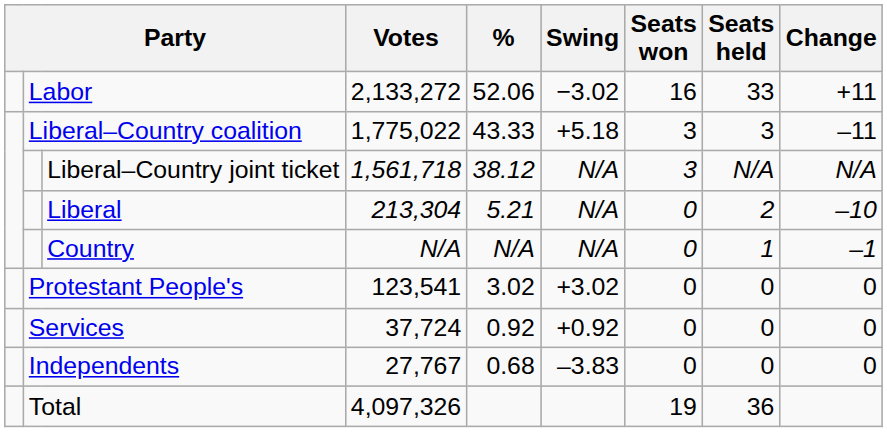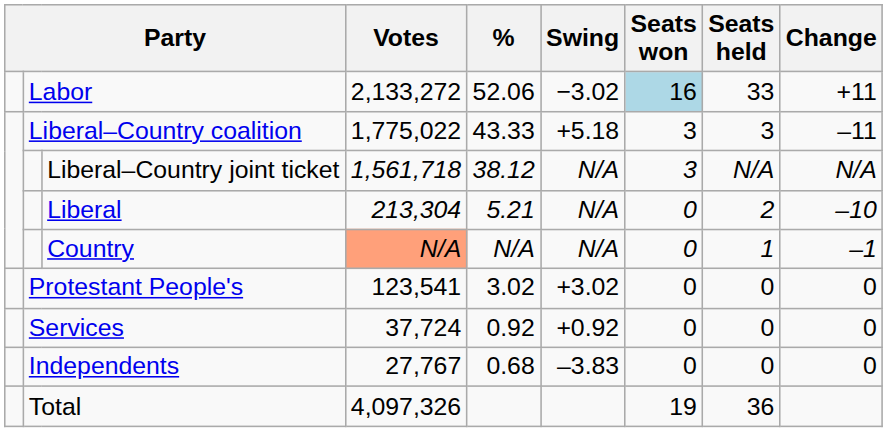 <table class="wikitable">
 <tr>
 <th colspan=3 style="width:180px">Party</th>
 <th style="width:70px">Votes</th>
 <th style="width:40px">%</th>
 <th style="width:40px">Swing</th>
 <th style="width:40px">Seats won</th>
 <th style="width:40px">Seats held</th>
 <th style="width:40px">Change</th>
 </tr>
 <tr>
 <td> </td>
 <td colspan=2><a href='#'>Labor</a></td>
 <td align=right>2,133,272</td>
 <td align=right>52.06</td>
 <td align=right>−3.02</td>
-<td align=right>16</td>
+<td align=right style="background: lightblue;">16</td>
 <td align=right>33</td>
 <td align=right>+11</td>
 </tr>
 <tr>
 <td rowspan=4> </td>
 <td colspan=2><a href='#'>Liberal–Country coalition</a></td>
 <td align=right>1,775,022</td>
 <td align=right>43.33</td>
 <td align=right>+5.18</td>
 <td align=right>3</td>
 <td align=right>3</td>
 <td align=right>–11</td>
 </tr>
 <tr>
 <td> </td>
 <td>Liberal–Country joint ticket</td>
 <td align=right><em>1,561,718</em></td>
 <td align=right><em>38.12</em></td>
 <td align=right><em>N/A</em></td>
 <td align=right><em>3</em></td>
 <td align=right><em>N/A</em></td>
 <td align=right><em>N/A</em></td>
 </tr>
 <tr>
 <td> </td>
 <td><a href='#'>Liberal</a></td>
 <td align=right><em>213,304</em></td>
 <td align=right><em>5.21</em></td>
 <td align=right><em>N/A</em></td>
 <td align=right><em>0</em></td>
 <td align=right><em>2</em></td>
 <td align=right><em>–10</em></td>
 </tr>
 <tr>
 <td> </td>
 <td><a href='#'>Country</a></td>
-<td align=right><em>N/A</em></td>
+<td align=right style="background: lightsalmon;"><em>N/A</em></td>
 <td align=right><em>N/A</em></td>
 <td align=right><em>N/A</em></td>
 <td align=right><em>0</em></td>
 <td align=right><em>1</em></td>
 <td align=right><em>–1</em></td>
 </tr>
 <tr>
 <td> </td>
 <td colspan=2><a href='#'>Protestant People's</a></td>
 <td align=right>123,541</td>
 <td align=right>3.02</td>
 <td align=right>+3.02</td>
 <td align=right>0</td>
 <td align=right>0</td>
 <td align=right>0</td>
 </tr>
 <tr>
 <td> </td>
 <td colspan=2><a href='#'>Services</a></td>
 <td align=right>37,724</td>
 <td align=right>0.92</td>
 <td align=right>+0.92</td>
 <td align=right>0</td>
 <td align=right>0</td>
 <td align=right>0</td>
 </tr>
 <tr>
 <td> </td>
 <td colspan=2><a href='#'>Independents</a></td>
 <td align=right>27,767</td>
 <td align=right>0.68</td>
 <td align=right>–3.83</td>
 <td align=right>0</td>
 <td align=right>0</td>
 <td align=right>0</td>
 </tr>
 <tr>
 <td> </td>
 <td colspan=2>Total</td>
 <td align=right>4,097,326</td>
 <td align=right> </td>
 <td align=right> </td>
 <td align=right>19</td>
 <td align=right>36</td>
 <td align=right></td>
 </tr>
 </table>
